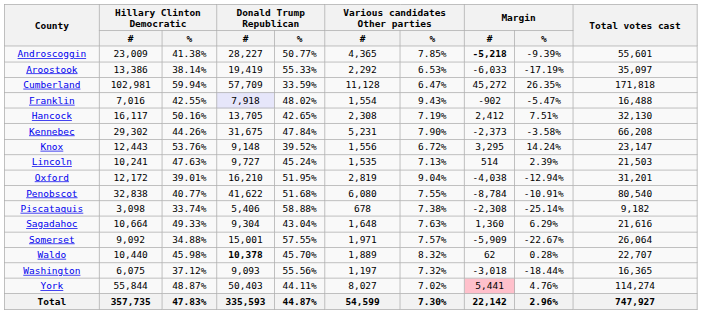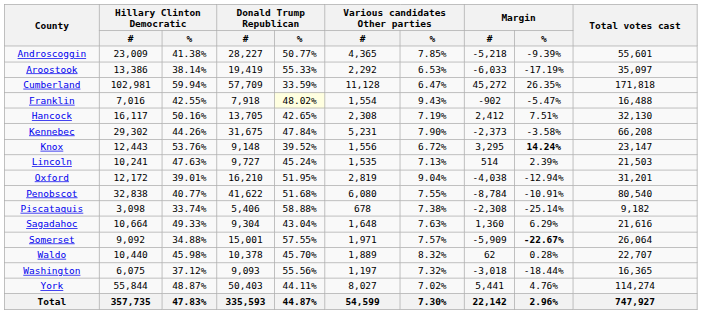 <table width="60%"  class="wikitable sortable" style="text-align:center">
 <tr>
 <th style="text-align:center;" rowspan="2">County</th>
 <th style="text-align:center;" colspan="2">Hillary Clinton<br>Democratic</th>
 <th style="text-align:center;" colspan="2">Donald Trump<br>Republican</th>
 <th style="text-align:center;" colspan="2">Various candidates<br>Other parties</th>
 <th style="text-align:center;" colspan="2">Margin</th>
 <th style="text-align:center;" rowspan="2">Total votes cast</th>
 </tr>
 <tr>
 <th style="text-align:center;" data-sort-type="number">#</th>
 <th style="text-align:center;" data-sort-type="number">%</th>
 <th style="text-align:center;" data-sort-type="number">#</th>
 <th style="text-align:center;" data-sort-type="number">%</th>
 <th style="text-align:center;" data-sort-type="number">#</th>
 <th style="text-align:center;" data-sort-type="number">%</th>
 <th style="text-align:center;" data-sort-type="number">#</th>
 <th style="text-align:center;" data-sort-type="number">%</th>
 </tr>
 <tr style="text-align:center;">
 <td><a href='#'>Androscoggin</a></td>
 <td>23,009</td>
 <td>41.38%</td>
 <td>28,227</td>
 <td>50.77%</td>
 <td>4,365</td>
 <td>7.85%</td>
-<td><strong>-5,218</strong></td>
+<td>-5,218</td>
 <td>-9.39%</td>
 <td>55,601</td>
 </tr>
 <tr style="text-align:center;">
 <td><a href='#'>Aroostook</a></td>
 <td>13,386</td>
 <td>38.14%</td>
 <td>19,419</td>
 <td>55.33%</td>
 <td>2,292</td>
 <td>6.53%</td>
 <td>-6,033</td>
 <td>-17.19%</td>
 <td>35,097</td>
 </tr>
 <tr style="text-align:center;">
 <td><a href='#'>Cumberland</a></td>
 <td>102,981</td>
 <td>59.94%</td>
 <td>57,709</td>
 <td>33.59%</td>
 <td>11,128</td>
 <td>6.47%</td>
 <td>45,272</td>
 <td>26.35%</td>
 <td>171,818</td>
 </tr>
 <tr style="text-align:center;">
 <td><a href='#'>Franklin</a></td>
 <td>7,016</td>
 <td>42.55%</td>
-<td style="background: lavender;">7,918</td>
-<td>48.02%</td>
+<td>7,918</td>
+<td style="background: lightyellow;">48.02%</td>
 <td>1,554</td>
 <td>9.43%</td>
 <td>-902</td>
 <td>-5.47%</td>
 <td>16,488</td>
 </tr>
 <tr style="text-align:center;">
 <td><a href='#'>Hancock</a></td>
 <td>16,117</td>
 <td>50.16%</td>
 <td>13,705</td>
 <td>42.65%</td>
 <td>2,308</td>
 <td>7.19%</td>
 <td>2,412</td>
 <td>7.51%</td>
 <td>32,130</td>
 </tr>
 <tr style="text-align:center;">
 <td><a href='#'>Kennebec</a></td>
 <td>29,302</td>
 <td>44.26%</td>
 <td>31,675</td>
 <td>47.84%</td>
 <td>5,231</td>
 <td>7.90%</td>
 <td>-2,373</td>
 <td>-3.58%</td>
 <td>66,208</td>
 </tr>
 <tr style="text-align:center;">
 <td><a href='#'>Knox</a></td>
 <td>12,443</td>
 <td>53.76%</td>
 <td>9,148</td>
 <td>39.52%</td>
 <td>1,556</td>
 <td>6.72%</td>
 <td>3,295</td>
-<td>14.24%</td>
+<td><strong>14.24%</strong></td>
 <td>23,147</td>
 </tr>
 <tr style="text-align:center;">
 <td><a href='#'>Lincoln</a></td>
 <td>10,241</td>
 <td>47.63%</td>
 <td>9,727</td>
 <td>45.24%</td>
 <td>1,535</td>
 <td>7.13%</td>
 <td>514</td>
 <td>2.39%</td>
 <td>21,503</td>
 </tr>
 <tr style="text-align:center;">
 <td><a href='#'>Oxford</a></td>
 <td>12,172</td>
 <td>39.01%</td>
 <td>16,210</td>
 <td>51.95%</td>
 <td>2,819</td>
 <td>9.04%</td>
 <td>-4,038</td>
 <td>-12.94%</td>
 <td>31,201</td>
 </tr>
 <tr style="text-align:center;">
 <td><a href='#'>Penobscot</a></td>
 <td>32,838</td>
 <td>40.77%</td>
 <td>41,622</td>
 <td>51.68%</td>
 <td>6,080</td>
 <td>7.55%</td>
 <td>-8,784</td>
 <td>-10.91%</td>
 <td>80,540</td>
 </tr>
 <tr style="text-align:center;">
 <td><a href='#'>Piscataquis</a></td>
 <td>3,098</td>
 <td>33.74%</td>
 <td>5,406</td>
 <td>58.88%</td>
 <td>678</td>
 <td>7.38%</td>
 <td>-2,308</td>
 <td>-25.14%</td>
 <td>9,182</td>
 </tr>
 <tr style="text-align:center;">
 <td><a href='#'>Sagadahoc</a></td>
 <td>10,664</td>
 <td>49.33%</td>
 <td>9,304</td>
 <td>43.04%</td>
 <td>1,648</td>
 <td>7.63%</td>
 <td>1,360</td>
 <td>6.29%</td>
 <td>21,616</td>
 </tr>
 <tr style="text-align:center;">
 <td><a href='#'>Somerset</a></td>
 <td>9,092</td>
 <td>34.88%</td>
 <td>15,001</td>
 <td>57.55%</td>
 <td>1,971</td>
 <td>7.57%</td>
 <td>-5,909</td>
-<td>-22.67%</td>
+<td><strong>-22.67%</strong></td>
 <td>26,064</td>
 </tr>
 <tr style="text-align:center;">
 <td><a href='#'>Waldo</a></td>
 <td>10,440</td>
 <td>45.98%</td>
-<td><strong>10,378</strong></td>
+<td>10,378</td>
 <td>45.70%</td>
 <td>1,889</td>
 <td>8.32%</td>
 <td>62</td>
 <td>0.28%</td>
 <td>22,707</td>
 </tr>
 <tr style="text-align:center;">
 <td><a href='#'>Washington</a></td>
 <td>6,075</td>
 <td>37.12%</td>
 <td>9,093</td>
 <td>55.56%</td>
 <td>1,197</td>
 <td>7.32%</td>
 <td>-3,018</td>
 <td>-18.44%</td>
 <td>16,365</td>
 </tr>
 <tr style="text-align:center;">
 <td><a href='#'>York</a></td>
 <td>55,844</td>
 <td>48.87%</td>
 <td>50,403</td>
 <td>44.11%</td>
 <td>8,027</td>
 <td>7.02%</td>
-<td style="background: pink;">5,441</td>
+<td>5,441</td>
 <td>4.76%</td>
 <td>114,274</td>
 </tr>
 <tr>
 <th>Total</th>
 <th>357,735</th>
 <th>47.83%</th>
 <th>335,593</th>
 <th>44.87%</th>
 <th>54,599</th>
 <th>7.30%</th>
 <th>22,142</th>
 <th>2.96%</th>
 <th>747,927</th>
 </tr>
 </table>
